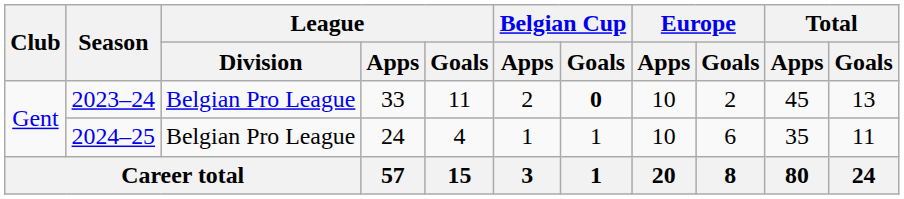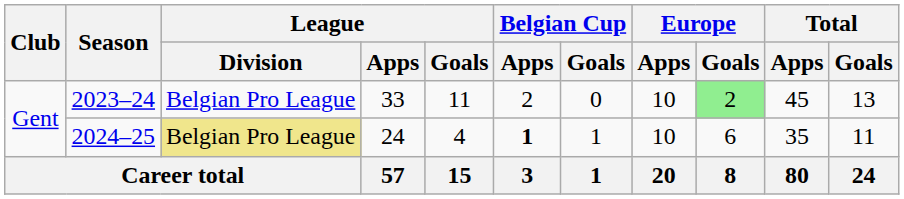 <table class="wikitable" style="text-align: center">
 <tr>
 <th rowspan="2">Club</th>
 <th rowspan="2">Season</th>
 <th colspan="3">League</th>
 <th colspan="2"><a href='#'>Belgian Cup</a></th>
 <th colspan="2"><a href='#'>Europe</a></th>
 <th colspan="2">Total</th>
 </tr>
 <tr>
 <th>Division</th>
 <th>Apps</th>
 <th>Goals</th>
 <th>Apps</th>
 <th>Goals</th>
 <th>Apps</th>
 <th>Goals</th>
 <th>Apps</th>
 <th>Goals</th>
 </tr>
 <tr>
 <td rowspan="2"><a href='#'>Gent</a></td>
 <td><a href='#'>2023–24</a></td>
 <td><a href='#'>Belgian Pro League</a></td>
 <td>33</td>
 <td>11</td>
 <td>2</td>
-<td><strong>0</strong></td>
+<td>0</td>
 <td>10</td>
-<td>2</td>
+<td style="background: lightgreen;">2</td>
 <td>45</td>
 <td>13</td>
 </tr>
 <tr>
 <td><a href='#'>2024–25</a></td>
-<td>Belgian Pro League</td>
+<td style="background: khaki;">Belgian Pro League</td>
 <td>24</td>
 <td>4</td>
-<td>1</td>
+<td><strong>1</strong></td>
 <td>1</td>
 <td>10</td>
 <td>6</td>
 <td>35</td>
 <td>11</td>
 </tr>
 <tr>
 <th colspan="3">Career total</th>
 <th>57</th>
 <th>15</th>
 <th>3</th>
 <th>1</th>
 <th>20</th>
 <th>8</th>
 <th>80</th>
 <th>24</th>
 </tr>
 </table>
